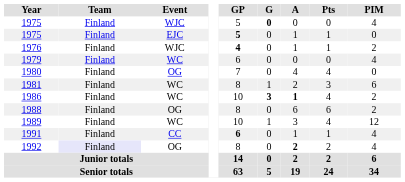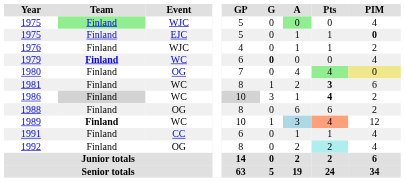 <table border="0" cellpadding="1" cellspacing="0" style="text-align:center; width:40em">
 <tr align="center" bgcolor="#e0e0e0">
 <th>Year</th>
 <th>Team</th>
 <th>Event</th>
 <th rowspan="99" bgcolor="#ffffff"> </th>
 <th>GP</th>
 <th>G</th>
 <th>A</th>
 <th>Pts</th>
 <th>PIM</th>
 </tr>
 <tr>
 <td><a href='#'>1975</a></td>
-<td><a href='#'>Finland</a></td>
+<td style="background: lightgreen;"><a href='#'>Finland</a></td>
 <td><a href='#'>WJC</a></td>
 <td>5</td>
-<td><strong>0</strong></td>
 <td>0</td>
+<td style="background: lightgreen;">0</td>
 <td>0</td>
 <td>4</td>
 </tr>
 <tr bgcolor="#f0f0f0">
 <td><a href='#'>1975</a></td>
 <td><a href='#'>Finland</a></td>
 <td><a href='#'>EJC</a></td>
-<td><strong>5</strong></td>
+<td>5</td>
 <td>0</td>
 <td>1</td>
 <td>1</td>
-<td>0</td>
+<td><strong>0</strong></td>
 </tr>
 <tr>
 <td><a href='#'>1976</a></td>
 <td>Finland</td>
 <td>WJC</td>
-<td><strong>4</strong></td>
+<td>4</td>
 <td>0</td>
 <td>1</td>
 <td>1</td>
 <td>2</td>
 </tr>
 <tr bgcolor="#f0f0f0">
 <td><a href='#'>1979</a></td>
-<td><a href='#'>Finland</a></td>
+<td><strong><a href='#'>Finland</a></strong></td>
 <td><a href='#'>WC</a></td>
 <td>6</td>
-<td>0</td>
+<td><strong>0</strong></td>
 <td>0</td>
 <td>0</td>
 <td>4</td>
 </tr>
 <tr>
 <td><a href='#'>1980</a></td>
 <td>Finland</td>
 <td><a href='#'>OG</a></td>
 <td>7</td>
 <td>0</td>
 <td>4</td>
-<td>4</td>
-<td>0</td>
+<td style="background: lightgreen;">4</td>
+<td style="background: khaki;">0</td>
 </tr>
 <tr bgcolor="#f0f0f0">
 <td><a href='#'>1981</a></td>
 <td>Finland</td>
 <td>WC</td>
 <td>8</td>
 <td>1</td>
 <td>2</td>
-<td>3</td>
+<td><strong>3</strong></td>
 <td>6</td>
 </tr>
 <tr>
 <td><a href='#'>1986</a></td>
-<td>Finland</td>
+<td style="background: lightgrey;">Finland</td>
 <td>WC</td>
-<td>10</td>
-<td><strong>3</strong></td>
-<td><strong>1</strong></td>
-<td>4</td>
+<td style="background: lightgrey;">10</td>
+<td>3</td>
+<td>1</td>
+<td><strong>4</strong></td>
 <td>2</td>
 </tr>
 <tr bgcolor="#f0f0f0">
 <td><a href='#'>1988</a></td>
 <td>Finland</td>
 <td>OG</td>
 <td>8</td>
 <td>0</td>
 <td>6</td>
 <td>6</td>
 <td>2</td>
 </tr>
 <tr>
 <td><a href='#'>1989</a></td>
-<td>Finland</td>
+<td><strong>Finland</strong></td>
 <td>WC</td>
 <td>10</td>
 <td>1</td>
-<td>3</td>
-<td>4</td>
+<td style="background: lightblue;">3</td>
+<td style="background: lightsalmon;">4</td>
 <td>12</td>
 </tr>
 <tr bgcolor="#f0f0f0">
 <td><a href='#'>1991</a></td>
 <td>Finland</td>
 <td><a href='#'>CC</a></td>
-<td><strong>6</strong></td>
+<td>6</td>
 <td>0</td>
 <td>1</td>
 <td>1</td>
 <td>4</td>
 </tr>
 <tr>
 <td><a href='#'>1992</a></td>
-<td style="background: lavender;">Finland</td>
+<td>Finland</td>
 <td>OG</td>
 <td>8</td>
 <td>0</td>
-<td><strong>2</strong></td>
 <td>2</td>
+<td style="background: paleturquoise;">2</td>
 <td>4</td>
 </tr>
 <tr bgcolor="#e0e0e0">
 <th colspan=3>Junior totals</th>
 <th>14</th>
 <th>0</th>
 <th>2</th>
 <th>2</th>
 <th>6</th>
 </tr>
 <tr bgcolor="#e0e0e0">
 <th colspan=3>Senior totals</th>
 <th>63</th>
 <th>5</th>
 <th>19</th>
 <th>24</th>
 <th>34</th>
 </tr>
 </table>
